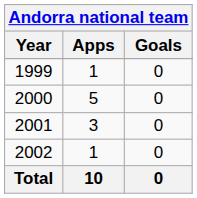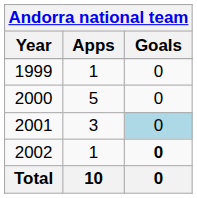 <table class="wikitable" style="text-align:center">
 <tr>
 <th colspan=3><a href='#'>Andorra national team</a></th>
 </tr>
 <tr>
 <th>Year</th>
 <th>Apps</th>
 <th>Goals</th>
 </tr>
 <tr>
 </tr>
 <tr>
 <td>1999</td>
 <td>1</td>
 <td>0</td>
 </tr>
 <tr>
 <td>2000</td>
 <td>5</td>
 <td>0</td>
 </tr>
 <tr>
 <td>2001</td>
 <td>3</td>
-<td>0</td>
+<td style="background: lightblue;">0</td>
 </tr>
 <tr>
 <td>2002</td>
 <td>1</td>
-<td>0</td>
+<td><strong>0</strong></td>
 </tr>
 <tr>
 <th>Total</th>
 <th>10</th>
 <th>0</th>
 </tr>
 </table>
